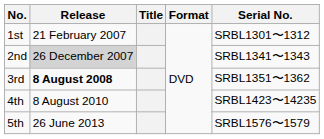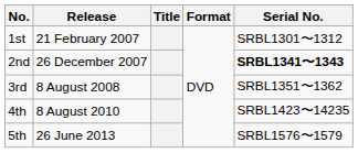 <table class="wikitable sortable" style="font-size:small">
 <tr>
 <th>No.</th>
 <th>Release</th>
 <th>Title</th>
 <th>Format</th>
 <th>Serial No.</th>
 </tr>
 <tr>
 <td>1st</td>
 <td>21 February 2007</td>
 <th></th>
 <td rowspan="5">DVD</td>
 <td>SRBL1301〜1312</td>
 </tr>
 <tr>
 <td>2nd</td>
-<td style="background: lightgrey;">26 December 2007</td>
+<td>26 December 2007</td>
 <th></th>
-<td>SRBL1341〜1343</td>
+<td><strong>SRBL1341〜1343</strong></td>
 </tr>
 <tr>
 <td>3rd</td>
-<td><strong>8 August 2008</strong></td>
+<td>8 August 2008</td>
 <th></th>
 <td>SRBL1351〜1362</td>
 </tr>
 <tr>
 <td>4th</td>
 <td>8 August 2010</td>
 <th></th>
 <td>SRBL1423〜14235</td>
 </tr>
 <tr>
 <td>5th</td>
 <td>26 June 2013</td>
 <th></th>
 <td>SRBL1576〜1579</td>
 </tr>
 </table>
